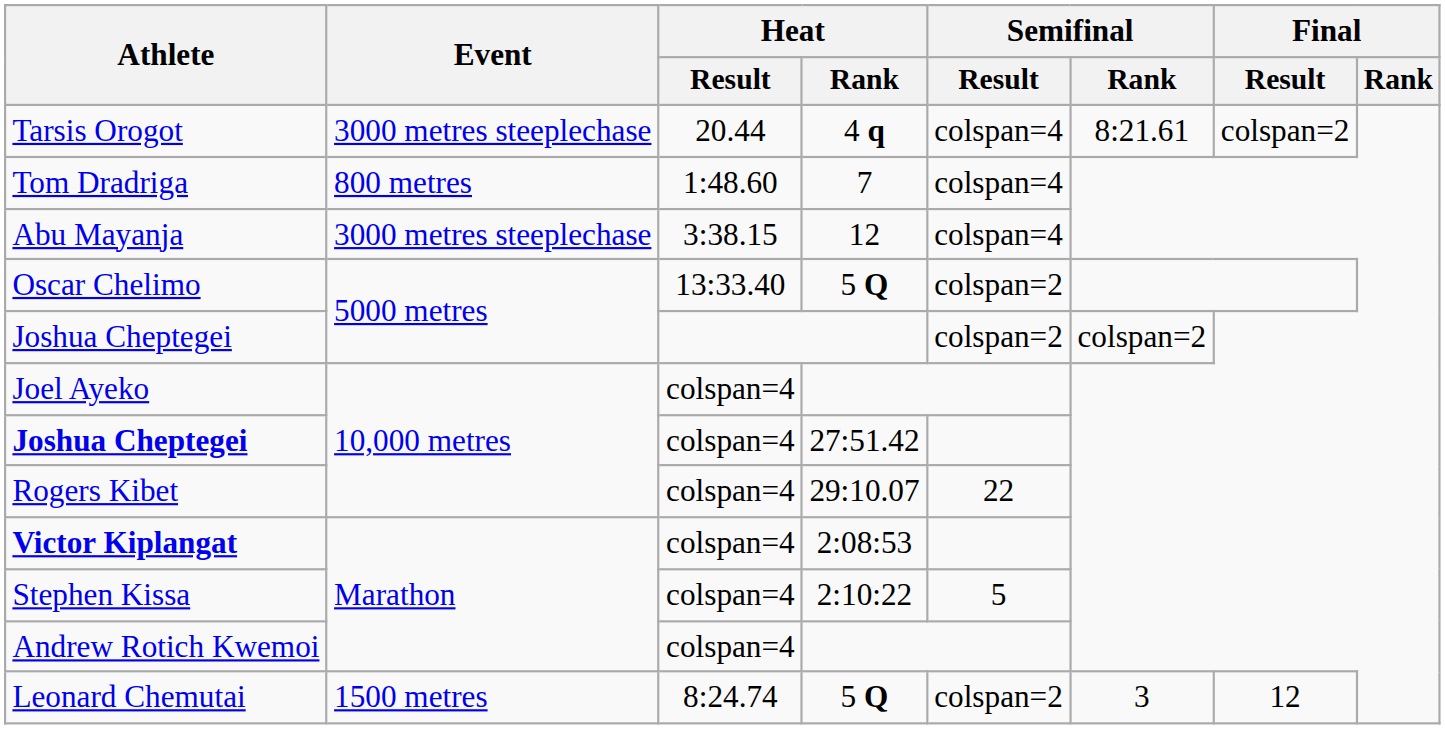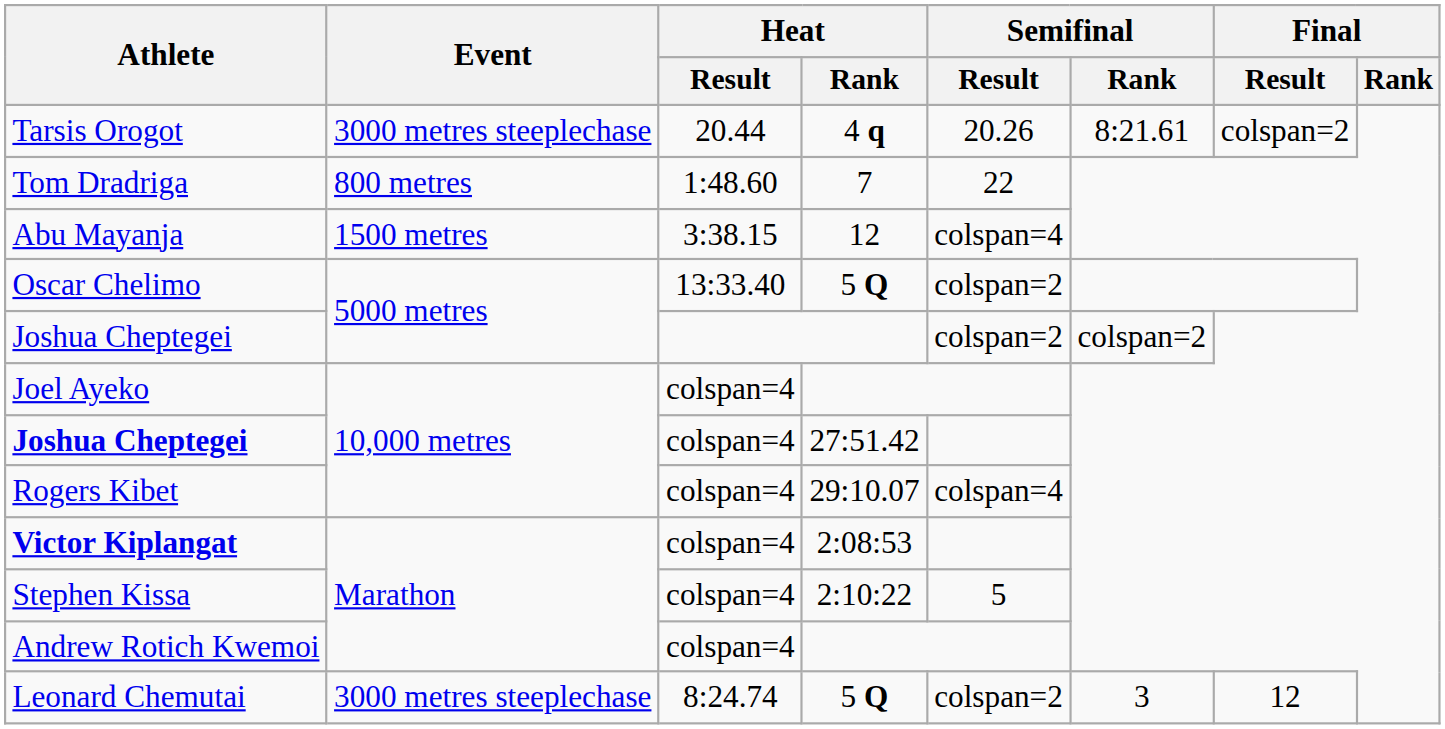 <table class="wikitable" style="font-size:90%">
 <tr>
 <th rowspan="2">Athlete</th>
 <th rowspan="2">Event</th>
 <th colspan="2">Heat</th>
 <th colspan="2">Semifinal</th>
 <th colspan="2">Final</th>
 </tr>
 <tr style="font-size:95%">
 <th>Result</th>
 <th>Rank</th>
 <th>Result</th>
 <th>Rank</th>
 <th>Result</th>
 <th>Rank</th>
 </tr>
 <tr style=text-align:center>
 <td style=text-align:left><a href='#'>Tarsis Orogot</a></td>
 <td style=text-align:left><a href='#'>3000 metres steeplechase</a></td>
 <td>20.44</td>
 <td>4 <strong>q</strong></td>
-<td>colspan=4 </td>
+<td>20.26</td>
 <td>8:21.61</td>
 <td>colspan=2 </td>
 </tr>
 <tr style=text-align:center>
 <td style=text-align:left><a href='#'>Tom Dradriga</a></td>
 <td style=text-align:left><a href='#'>800 metres</a></td>
 <td>1:48.60</td>
 <td>7</td>
-<td>colspan=4 </td>
+<td>22</td>
 </tr>
 <tr style=text-align:center>
 <td style=text-align:left><a href='#'>Abu Mayanja</a></td>
-<td style=text-align:left><a href='#'>3000 metres steeplechase</a></td>
+<td style=text-align:left><a href='#'>1500 metres</a></td>
 <td>3:38.15</td>
 <td>12</td>
 <td>colspan=4 </td>
 </tr>
 <tr style=text-align:center>
 <td style=text-align:left><a href='#'>Oscar Chelimo</a></td>
 <td style=text-align:left rowspan=2><a href='#'>5000 metres</a></td>
 <td>13:33.40 <strong></strong></td>
 <td>5 <strong>Q</strong></td>
 <td>colspan=2</td>
 <td colspan=2></td>
 </tr>
 <tr style=text-align:center>
 <td style=text-align:left><a href='#'>Joshua Cheptegei</a></td>
 <td colspan=2></td>
 <td>colspan=2</td>
 <td>colspan=2</td>
 </tr>
 <tr style=text-align:center>
 <td style=text-align:left><a href='#'>Joel Ayeko</a></td>
 <td style=text-align:left rowspan=3><a href='#'>10,000 metres</a></td>
 <td>colspan=4</td>
 <td colspan=2></td>
 </tr>
 <tr style=text-align:center>
 <td style=text-align:left><strong><a href='#'>Joshua Cheptegei</a></strong></td>
 <td>colspan=4</td>
 <td>27:51.42 </td>
 <td></td>
 </tr>
 <tr style=text-align:center>
 <td style=text-align:left><a href='#'>Rogers Kibet</a></td>
 <td>colspan=4</td>
 <td>29:10.07</td>
-<td>22</td>
+<td>colspan=4 </td>
 </tr>
 <tr style=text-align:center>
 <td style=text-align:left><strong><a href='#'>Victor Kiplangat</a></strong></td>
 <td style=text-align:left rowspan=3><a href='#'>Marathon</a></td>
 <td>colspan=4</td>
 <td>2:08:53</td>
 <td></td>
 </tr>
 <tr style=text-align:center>
 <td style=text-align:left><a href='#'>Stephen Kissa</a></td>
 <td>colspan=4</td>
 <td>2:10:22</td>
 <td>5</td>
 </tr>
 <tr style=text-align:center>
 <td style=text-align:left><a href='#'>Andrew Rotich Kwemoi</a></td>
 <td>colspan=4</td>
 <td colspan=2></td>
 </tr>
 <tr style=text-align:center>
 <td style=text-align:left><a href='#'>Leonard Chemutai</a></td>
-<td style=text-align:left><a href='#'>1500 metres</a></td>
+<td style=text-align:left><a href='#'>3000 metres steeplechase</a></td>
 <td>8:24.74</td>
 <td>5 <strong>Q</strong></td>
 <td>colspan=2</td>
 <td>3</td>
 <td>12</td>
 </tr>
 </table>
